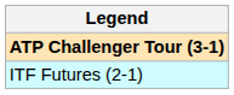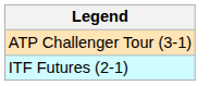 <table class=wikitable>
 <tr>
 <th>Legend</th>
 </tr>
 <tr bgcolor=moccasin>
-<td><strong>ATP Challenger Tour (3-1)</strong></td>
+<td>ATP Challenger Tour (3-1)</td>
 </tr>
 <tr bgcolor="CFFCFF">
 <td>ITF Futures (2-1)</td>
 </tr>
 </table>
